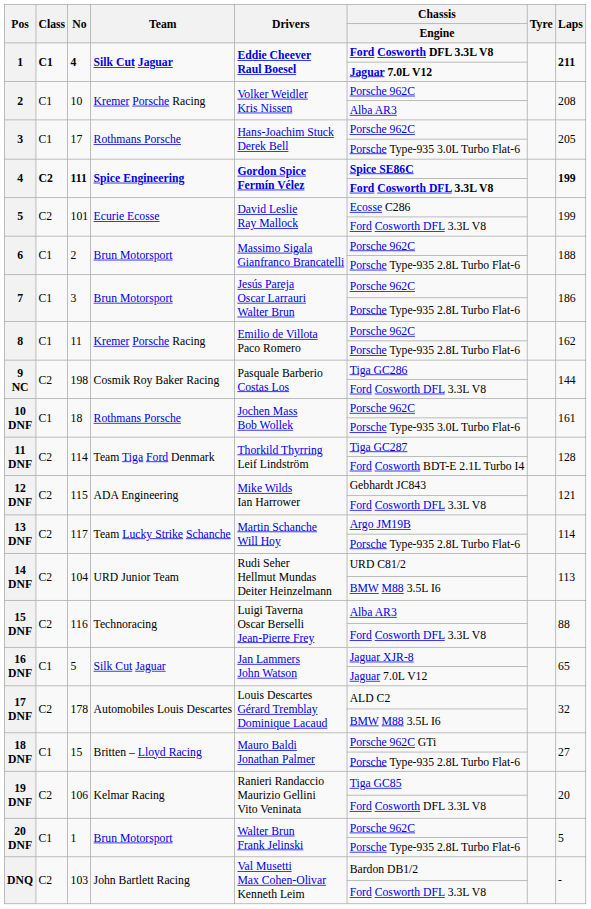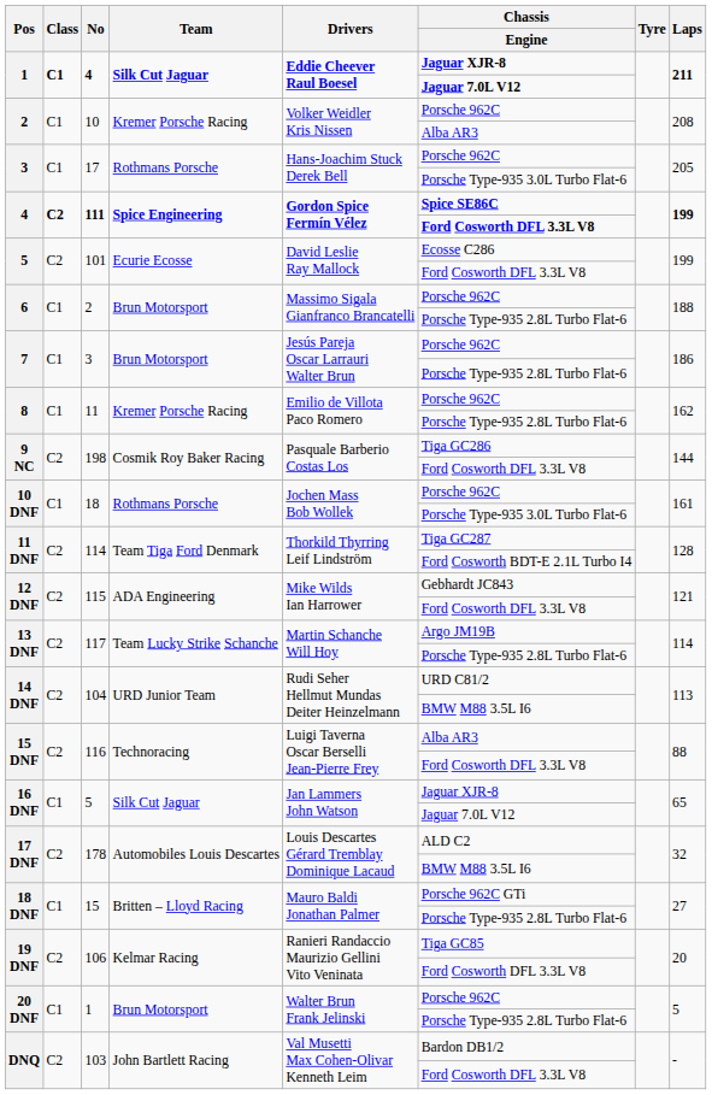 <table class="wikitable" style="font-size: 95%;">
 <tr>
 <th rowspan=2>Pos</th>
 <th rowspan=2>Class</th>
 <th rowspan=2>No</th>
 <th rowspan=2>Team</th>
 <th rowspan=2>Drivers</th>
 <th>Chassis</th>
 <th rowspan=2>Tyre</th>
 <th rowspan=2>Laps</th>
 </tr>
 <tr>
 <th>Engine</th>
 </tr>
 <tr style="font-weight:bold">
 <th rowspan=2>1</th>
 <td rowspan=2>C1</td>
 <td rowspan=2>4</td>
 <td rowspan=2> <a href='#'>Silk Cut</a> <a href='#'>Jaguar</a></td>
 <td rowspan=2> <a href='#'>Eddie Cheever</a><br> <a href='#'>Raul Boesel</a></td>
-<td><a href='#'>Ford</a> <a href='#'>Cosworth</a> DFL 3.3L V8</td>
+<td><a href='#'>Jaguar</a> XJR-8</td>
 <td rowspan=2></td>
 <td rowspan=2>211</td>
 </tr>
 <tr style="font-weight:bold">
 <td><a href='#'>Jaguar</a> 7.0L V12</td>
 </tr>
 <tr>
 <th rowspan=2>2</th>
 <td rowspan=2>C1</td>
 <td rowspan=2>10</td>
 <td rowspan=2> <a href='#'>Kremer</a> <a href='#'>Porsche</a> Racing</td>
 <td rowspan=2> <a href='#'>Volker Weidler</a><br> <a href='#'>Kris Nissen</a></td>
 <td><a href='#'>Porsche 962C</a></td>
 <td rowspan=2></td>
 <td rowspan=2>208</td>
 </tr>
 <tr>
 <td><a href='#'>Alba AR3</a></td>
 </tr>
 <tr>
 <th rowspan=2>3</th>
 <td rowspan=2>C1</td>
 <td rowspan=2>17</td>
 <td rowspan=2> <a href='#'>Rothmans Porsche</a></td>
 <td rowspan=2> <a href='#'>Hans-Joachim Stuck</a><br> <a href='#'>Derek Bell</a></td>
 <td><a href='#'>Porsche 962C</a></td>
 <td rowspan=2></td>
 <td rowspan=2>205</td>
 </tr>
 <tr>
 <td><a href='#'>Porsche</a> Type-935 3.0L Turbo Flat-6</td>
 </tr>
 <tr style="font-weight:bold">
 <th rowspan=2>4</th>
 <td rowspan=2>C2</td>
 <td rowspan=2>111</td>
 <td rowspan=2> <a href='#'>Spice Engineering</a></td>
 <td rowspan=2> <a href='#'>Gordon Spice</a><br> <a href='#'>Fermín Vélez</a></td>
 <td><a href='#'>Spice SE86C</a></td>
 <td rowspan=2></td>
 <td rowspan=2>199</td>
 </tr>
 <tr style="font-weight:bold">
 <td><a href='#'>Ford</a> <a href='#'>Cosworth DFL</a> 3.3L V8</td>
 </tr>
 <tr>
 <th rowspan=2>5</th>
 <td rowspan=2>C2</td>
 <td rowspan=2>101</td>
 <td rowspan=2> <a href='#'>Ecurie Ecosse</a></td>
 <td rowspan=2> <a href='#'>David Leslie</a><br> <a href='#'>Ray Mallock</a></td>
 <td><a href='#'>Ecosse</a> C286</td>
 <td rowspan=2></td>
 <td rowspan=2>199</td>
 </tr>
 <tr>
 <td><a href='#'>Ford</a> <a href='#'>Cosworth DFL</a> 3.3L V8</td>
 </tr>
 <tr>
 <th rowspan=2>6</th>
 <td rowspan=2>C1</td>
 <td rowspan=2>2</td>
 <td rowspan=2> <a href='#'>Brun Motorsport</a></td>
 <td rowspan=2> <a href='#'>Massimo Sigala</a><br> <a href='#'>Gianfranco Brancatelli</a></td>
 <td><a href='#'>Porsche 962C</a></td>
 <td rowspan=2></td>
 <td rowspan=2>188</td>
 </tr>
 <tr>
 <td><a href='#'>Porsche</a> Type-935 2.8L Turbo Flat-6</td>
 </tr>
 <tr>
 <th rowspan=2>7</th>
 <td rowspan=2>C1</td>
 <td rowspan=2>3</td>
 <td rowspan=2> <a href='#'>Brun Motorsport</a></td>
 <td rowspan=2> <a href='#'>Jesús Pareja</a><br> <a href='#'>Oscar Larrauri</a><br> <a href='#'>Walter Brun</a></td>
 <td><a href='#'>Porsche 962C</a></td>
 <td rowspan=2></td>
 <td rowspan=2>186</td>
 </tr>
 <tr>
 <td><a href='#'>Porsche</a> Type-935 2.8L Turbo Flat-6</td>
 </tr>
 <tr>
 <th rowspan=2>8</th>
 <td rowspan=2>C1</td>
 <td rowspan=2>11</td>
 <td rowspan=2> <a href='#'>Kremer</a> <a href='#'>Porsche</a> Racing</td>
 <td rowspan=2> <a href='#'>Emilio de Villota</a><br> Paco Romero</td>
 <td><a href='#'>Porsche 962C</a></td>
 <td rowspan=2></td>
 <td rowspan=2>162</td>
 </tr>
 <tr>
 <td><a href='#'>Porsche</a> Type-935 2.8L Turbo Flat-6</td>
 </tr>
 <tr>
 <th rowspan=2>9<br>NC</th>
 <td rowspan=2>C2</td>
 <td rowspan=2>198</td>
 <td rowspan=2> Cosmik Roy Baker Racing</td>
 <td rowspan=2> Pasquale Barberio<br> <a href='#'>Costas Los</a></td>
 <td><a href='#'>Tiga GC286</a></td>
 <td rowspan=2></td>
 <td rowspan=2>144</td>
 </tr>
 <tr>
 <td><a href='#'>Ford</a> <a href='#'>Cosworth DFL</a> 3.3L V8</td>
 </tr>
 <tr>
 <th rowspan=2>10<br>DNF</th>
 <td rowspan=2>C1</td>
 <td rowspan=2>18</td>
 <td rowspan=2> <a href='#'>Rothmans Porsche</a></td>
 <td rowspan=2> <a href='#'>Jochen Mass</a><br> <a href='#'>Bob Wollek</a></td>
 <td><a href='#'>Porsche 962C</a></td>
 <td rowspan=2></td>
 <td rowspan=2>161</td>
 </tr>
 <tr>
 <td><a href='#'>Porsche</a> Type-935 3.0L Turbo Flat-6</td>
 </tr>
 <tr>
 <th rowspan=2>11<br>DNF</th>
 <td rowspan=2>C2</td>
 <td rowspan=2>114</td>
 <td rowspan=2> Team <a href='#'>Tiga</a> <a href='#'>Ford</a> Denmark</td>
 <td rowspan=2> <a href='#'>Thorkild Thyrring</a><br> Leif Lindström</td>
 <td><a href='#'>Tiga GC287</a></td>
 <td rowspan=2></td>
 <td rowspan=2>128</td>
 </tr>
 <tr>
 <td><a href='#'>Ford</a> <a href='#'>Cosworth</a> BDT-E 2.1L Turbo I4</td>
 </tr>
 <tr>
 <th rowspan=2>12<br>DNF</th>
 <td rowspan=2>C2</td>
 <td rowspan=2>115</td>
 <td rowspan=2> ADA Engineering</td>
 <td rowspan=2> <a href='#'>Mike Wilds</a><br> Ian Harrower</td>
 <td>Gebhardt JC843</td>
 <td rowspan=2></td>
 <td rowspan=2>121</td>
 </tr>
 <tr>
 <td><a href='#'>Ford</a> <a href='#'>Cosworth DFL</a> 3.3L V8</td>
 </tr>
 <tr>
 <th rowspan=2>13<br>DNF</th>
 <td rowspan=2>C2</td>
 <td rowspan=2>117</td>
 <td rowspan=2> Team <a href='#'>Lucky Strike</a> <a href='#'>Schanche</a></td>
 <td rowspan=2> <a href='#'>Martin Schanche</a><br> <a href='#'>Will Hoy</a></td>
 <td><a href='#'>Argo JM19B</a></td>
 <td rowspan=2></td>
 <td rowspan=2>114</td>
 </tr>
 <tr>
 <td><a href='#'>Porsche</a> Type-935 2.8L Turbo Flat-6</td>
 </tr>
 <tr>
 <th rowspan=2>14<br>DNF</th>
 <td rowspan=2>C2</td>
 <td rowspan=2>104</td>
 <td rowspan=2> URD Junior Team</td>
 <td rowspan=2> Rudi Seher<br> Hellmut Mundas<br> Deiter Heinzelmann</td>
 <td>URD C81/2</td>
 <td rowspan=2></td>
 <td rowspan=2>113</td>
 </tr>
 <tr>
 <td><a href='#'>BMW</a> <a href='#'>M88</a> 3.5L I6</td>
 </tr>
 <tr>
 <th rowspan=2>15<br>DNF</th>
 <td rowspan=2>C2</td>
 <td rowspan=2>116</td>
 <td rowspan=2> Technoracing</td>
 <td rowspan=2> Luigi Taverna<br> Oscar Berselli<br> <a href='#'>Jean-Pierre Frey</a></td>
 <td><a href='#'>Alba AR3</a></td>
 <td rowspan=2></td>
 <td rowspan=2>88</td>
 </tr>
 <tr>
 <td><a href='#'>Ford</a> <a href='#'>Cosworth DFL</a> 3.3L V8</td>
 </tr>
 <tr>
 <th rowspan=2>16<br>DNF</th>
 <td rowspan=2>C1</td>
 <td rowspan=2>5</td>
 <td rowspan=2> <a href='#'>Silk Cut</a> <a href='#'>Jaguar</a></td>
 <td rowspan=2> <a href='#'>Jan Lammers</a><br> <a href='#'>John Watson</a></td>
 <td><a href='#'>Jaguar XJR-8</a></td>
 <td rowspan=2></td>
 <td rowspan=2>65</td>
 </tr>
 <tr>
 <td><a href='#'>Jaguar</a> 7.0L V12</td>
 </tr>
 <tr>
 <th rowspan=2>17<br>DNF</th>
 <td rowspan=2>C2</td>
 <td rowspan=2>178</td>
 <td rowspan=2> Automobiles Louis Descartes</td>
 <td rowspan=2> Louis Descartes<br> <a href='#'>Gérard Tremblay</a><br> <a href='#'>Dominique Lacaud</a></td>
 <td>ALD C2</td>
 <td rowspan=2></td>
 <td rowspan=2>32</td>
 </tr>
 <tr>
 <td><a href='#'>BMW</a> <a href='#'>M88</a> 3.5L I6</td>
 </tr>
 <tr>
 <th rowspan=2>18<br>DNF</th>
 <td rowspan=2>C1</td>
 <td rowspan=2>15</td>
 <td rowspan=2> Britten – <a href='#'>Lloyd Racing</a></td>
 <td rowspan=2> <a href='#'>Mauro Baldi</a><br> <a href='#'>Jonathan Palmer</a></td>
 <td><a href='#'>Porsche 962C</a> GTi</td>
 <td rowspan=2></td>
 <td rowspan=2>27</td>
 </tr>
 <tr>
 <td><a href='#'>Porsche</a> Type-935 2.8L Turbo Flat-6</td>
 </tr>
 <tr>
 <th rowspan=2>19<br>DNF</th>
 <td rowspan=2>C2</td>
 <td rowspan=2>106</td>
 <td rowspan=2> Kelmar Racing</td>
 <td rowspan=2> Ranieri Randaccio<br> Maurizio Gellini<br> Vito Veninata</td>
 <td><a href='#'>Tiga GC85</a></td>
 <td rowspan=2></td>
 <td rowspan=2>20</td>
 </tr>
 <tr>
 <td><a href='#'>Ford</a> <a href='#'>Cosworth</a> DFL 3.3L V8</td>
 </tr>
 <tr>
 <th rowspan=2>20<br>DNF</th>
 <td rowspan=2>C1</td>
 <td rowspan=2>1</td>
 <td rowspan=2> <a href='#'>Brun Motorsport</a></td>
 <td rowspan=2> <a href='#'>Walter Brun</a><br> <a href='#'>Frank Jelinski</a></td>
 <td><a href='#'>Porsche 962C</a></td>
 <td rowspan=2></td>
 <td rowspan=2>5</td>
 </tr>
 <tr>
 <td><a href='#'>Porsche</a> Type-935 2.8L Turbo Flat-6</td>
 </tr>
 <tr>
 <th rowspan=2>DNQ</th>
 <td rowspan=2>C2</td>
 <td rowspan=2>103</td>
 <td rowspan=2> John Bartlett Racing</td>
 <td rowspan=2> <a href='#'>Val Musetti</a><br> <a href='#'>Max Cohen-Olivar</a><br> Kenneth Leim</td>
 <td>Bardon DB1/2</td>
 <td rowspan=2></td>
 <td rowspan=2>-</td>
 </tr>
 <tr>
 <td><a href='#'>Ford</a> <a href='#'>Cosworth DFL</a> 3.3L V8</td>
 </tr>
 </table>
